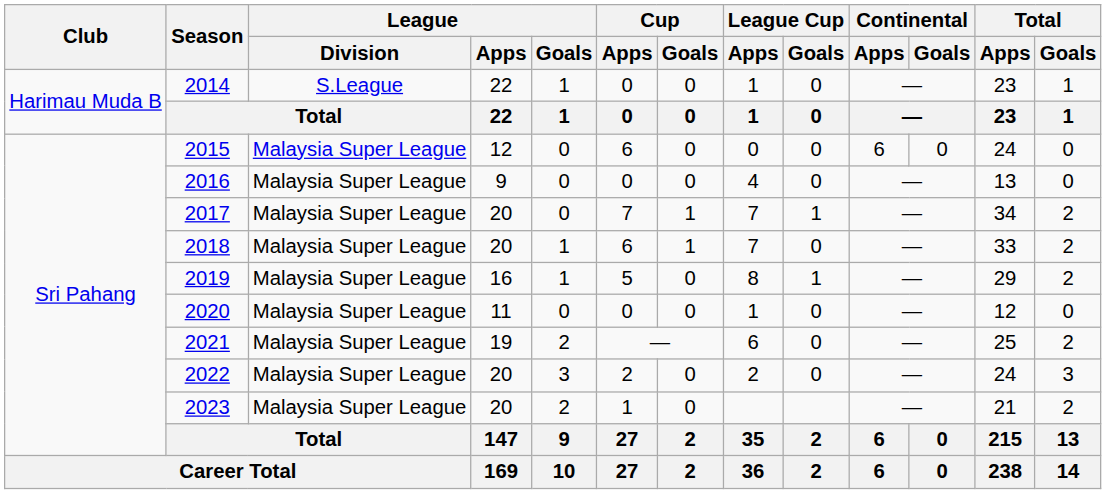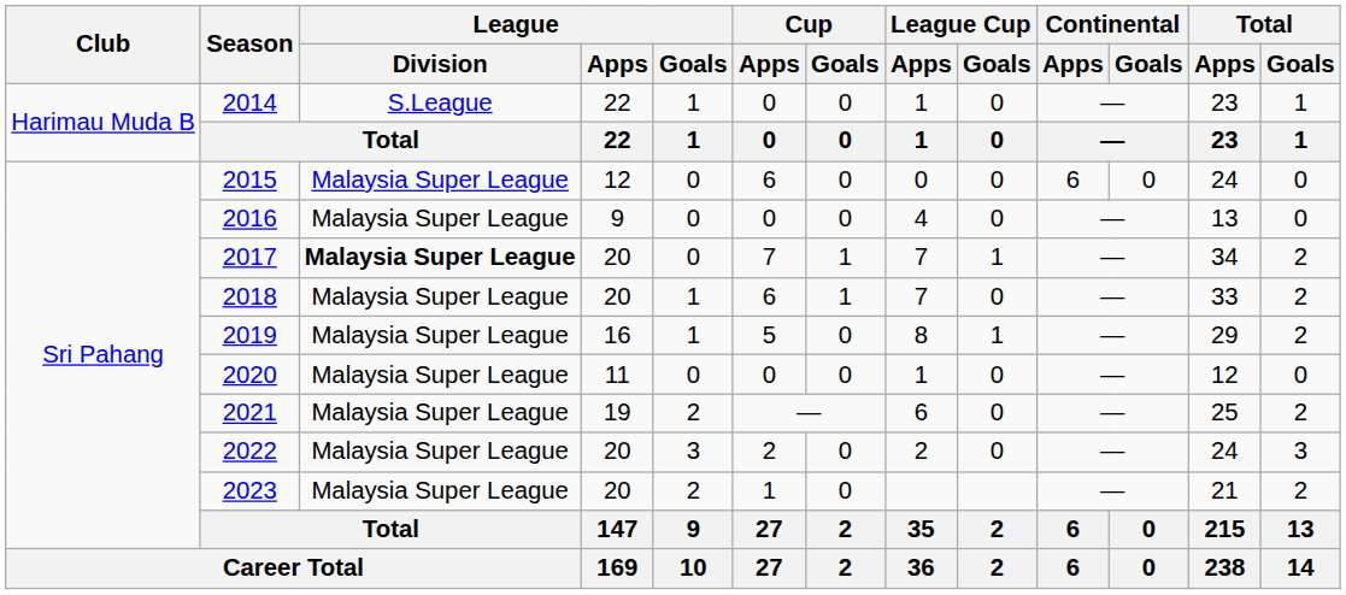 <table class=wikitable style="text-align:center">
 <tr>
 <th rowspan=2>Club</th>
 <th rowspan=2>Season</th>
 <th colspan=3>League</th>
 <th colspan=2>Cup</th>
 <th colspan=2>League Cup</th>
 <th colspan=2>Continental</th>
 <th colspan=2>Total</th>
 </tr>
 <tr>
 <th>Division</th>
 <th>Apps</th>
 <th>Goals</th>
 <th>Apps</th>
 <th>Goals</th>
 <th>Apps</th>
 <th>Goals</th>
 <th>Apps</th>
 <th>Goals</th>
 <th>Apps</th>
 <th>Goals</th>
 </tr>
 <tr>
 <td rowspan=2><a href='#'>Harimau Muda B</a></td>
 <td><a href='#'>2014</a></td>
 <td><a href='#'>S.League</a></td>
 <td>22</td>
 <td>1</td>
 <td>0</td>
 <td>0</td>
 <td>1</td>
 <td>0</td>
 <td colspan=2>—</td>
 <td>23</td>
 <td>1</td>
 </tr>
 <tr>
 <th colspan="2">Total</th>
 <th>22</th>
 <th>1</th>
 <th>0</th>
 <th>0</th>
 <th>1</th>
 <th>0</th>
 <th colspan=2>—</th>
 <th>23</th>
 <th>1</th>
 </tr>
 <tr>
 <td rowspan=10><a href='#'>Sri Pahang</a></td>
 <td><a href='#'>2015</a></td>
 <td><a href='#'>Malaysia Super League</a></td>
 <td>12</td>
 <td>0</td>
 <td>6</td>
 <td>0</td>
 <td>0</td>
 <td>0</td>
 <td>6</td>
 <td>0</td>
 <td>24</td>
 <td>0</td>
 </tr>
 <tr>
 <td><a href='#'>2016</a></td>
 <td>Malaysia Super League</td>
 <td>9</td>
 <td>0</td>
 <td>0</td>
 <td>0</td>
 <td>4</td>
 <td>0</td>
 <td colspan=2>—</td>
 <td>13</td>
 <td>0</td>
 </tr>
 <tr>
 <td><a href='#'>2017</a></td>
-<td>Malaysia Super League</td>
+<td><strong>Malaysia Super League</strong></td>
 <td>20</td>
 <td>0</td>
 <td>7</td>
 <td>1</td>
 <td>7</td>
 <td>1</td>
 <td colspan=2>—</td>
 <td>34</td>
 <td>2</td>
 </tr>
 <tr>
 <td><a href='#'>2018</a></td>
 <td>Malaysia Super League</td>
 <td>20</td>
 <td>1</td>
 <td>6</td>
 <td>1</td>
 <td>7</td>
 <td>0</td>
 <td colspan=2>—</td>
 <td>33</td>
 <td>2</td>
 </tr>
 <tr>
 <td><a href='#'>2019</a></td>
 <td>Malaysia Super League</td>
 <td>16</td>
 <td>1</td>
 <td>5</td>
 <td>0</td>
 <td>8</td>
 <td>1</td>
 <td colspan=2>—</td>
 <td>29</td>
 <td>2</td>
 </tr>
 <tr>
 <td><a href='#'>2020</a></td>
 <td>Malaysia Super League</td>
 <td>11</td>
 <td>0</td>
 <td>0</td>
 <td>0</td>
 <td>1</td>
 <td>0</td>
 <td colspan=2>—</td>
 <td>12</td>
 <td>0</td>
 </tr>
 <tr>
 <td><a href='#'>2021</a></td>
 <td>Malaysia Super League</td>
 <td>19</td>
 <td>2</td>
 <td colspan=2>—</td>
 <td>6</td>
 <td>0</td>
 <td colspan=2>—</td>
 <td>25</td>
 <td>2</td>
 </tr>
 <tr>
 <td><a href='#'>2022</a></td>
 <td>Malaysia Super League</td>
 <td>20</td>
 <td>3</td>
 <td>2</td>
 <td>0</td>
 <td>2</td>
 <td>0</td>
 <td colspan=2>—</td>
 <td>24</td>
 <td>3</td>
 </tr>
 <tr>
 <td><a href='#'>2023</a></td>
 <td>Malaysia Super League</td>
 <td>20</td>
 <td>2</td>
 <td>1</td>
 <td>0</td>
 <td></td>
 <td></td>
 <td colspan=2>—</td>
 <td>21</td>
 <td>2</td>
 </tr>
 <tr>
 <th colspan="2">Total</th>
 <th>147</th>
 <th>9</th>
 <th>27</th>
 <th>2</th>
 <th>35</th>
 <th>2</th>
 <th>6</th>
 <th>0</th>
 <th>215</th>
 <th>13</th>
 </tr>
 <tr>
 <th colspan="3">Career Total</th>
 <th>169</th>
 <th>10</th>
 <th>27</th>
 <th>2</th>
 <th>36</th>
 <th>2</th>
 <th>6</th>
 <th>0</th>
 <th>238</th>
 <th>14</th>
 </tr>
 </table>
